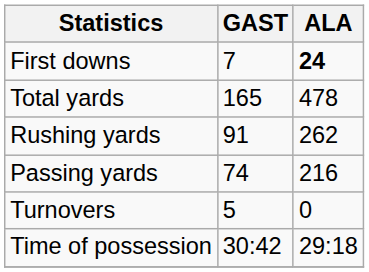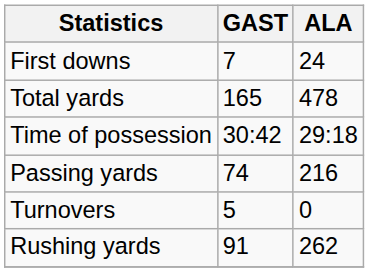 <table class="wikitable" style="float: left;">
 <tr>
 <th>Statistics</th>
 <th>GAST</th>
 <th>ALA</th>
 </tr>
 <tr>
 <td>First downs</td>
 <td>7</td>
-<td><strong>24</strong></td>
+<td>24</td>
 </tr>
 <tr>
 <td>Total yards</td>
 <td>165</td>
 <td>478</td>
 </tr>
 <tr>
-<td>Rushing yards</td>
-<td>91</td>
-<td>262</td>
+<td>Time of possession</td>
+<td>30:42</td>
+<td>29:18</td>
 </tr>
 <tr>
 <td>Passing yards</td>
 <td>74</td>
 <td>216</td>
 </tr>
 <tr>
 <td>Turnovers</td>
 <td>5</td>
 <td>0</td>
 </tr>
 <tr>
-<td>Time of possession</td>
-<td>30:42</td>
-<td>29:18</td>
+<td>Rushing yards</td>
+<td>91</td>
+<td>262</td>
 </tr>
 <tr>
 </tr>
 </table>
